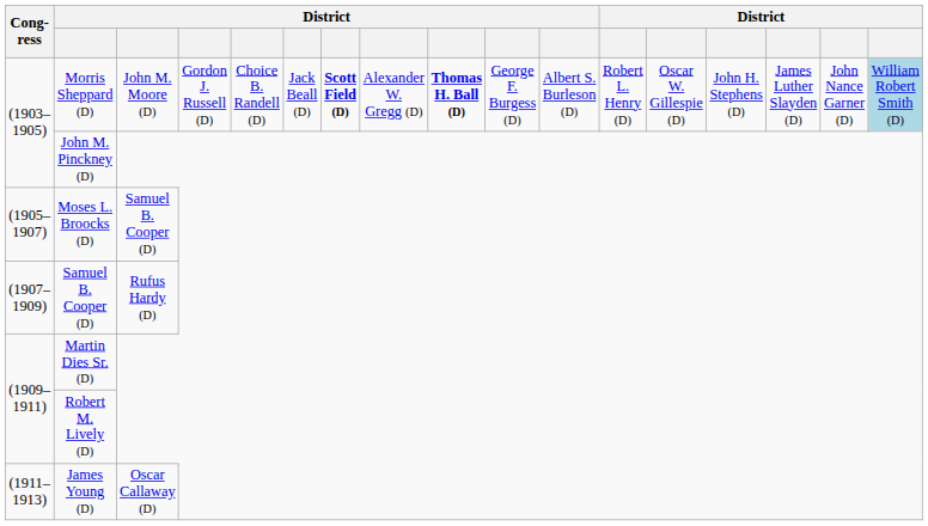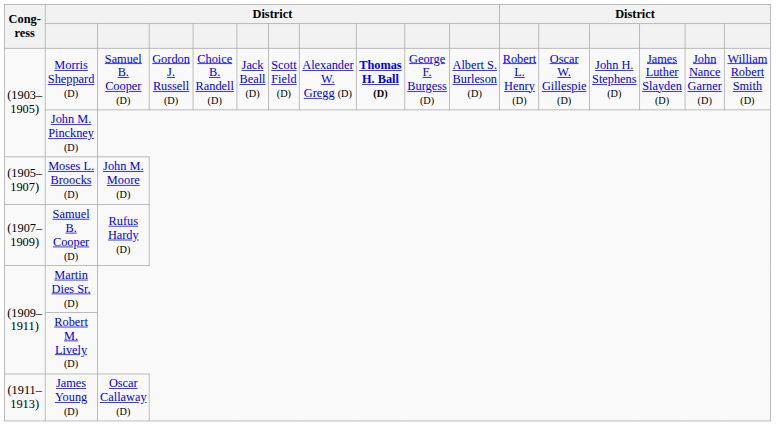 <table class=wikitable style="text-align:center">
 <tr>
 <th rowspan=2>Cong­ress</th>
 <th colspan=10>District</th>
 <th colspan=6>District</th>
 </tr>
 <tr style="height:2em">
 <th></th>
 <th></th>
 <th></th>
 <th></th>
 <th></th>
 <th></th>
 <th></th>
 <th></th>
 <th></th>
 <th></th>
 <th></th>
 <th></th>
 <th></th>
 <th></th>
 <th></th>
 <th></th>
 </tr>
 <tr style="height:2em">
 <td rowspan=2><strong></strong> (1903–1905)</td>
 <td><a href='#'>Morris<br>Sheppard</a><br><small>(D)</small></td>
-<td><a href='#'>John M. Moore</a> <small>(D)</small></td>
+<td><a href='#'>Samuel B.<br>Cooper</a> <small>(D)</small></td>
 <td><a href='#'>Gordon J.<br>Russell</a> <small>(D)</small></td>
 <td><a href='#'>Choice<br>B.<br>Randell</a><br><small>(D)</small></td>
 <td><a href='#'>Jack<br>Beall</a><br><small>(D)</small></td>
-<td><strong><a href='#'>Scott<br>Field</a><br><small>(D)</small></strong></td>
+<td><a href='#'>Scott<br>Field</a><br><small>(D)</small></td>
 <td><a href='#'>Alexander<br>W.<br>Gregg</a> <small>(D)</small></td>
 <td><strong><a href='#'>Thomas H. Ball</a> <small>(D)</small></strong></td>
 <td><a href='#'>George<br>F.<br> Burgess</a><br><small>(D)</small></td>
 <td><a href='#'>Albert S.<br>Burleson</a><br><small>(D)</small></td>
 <td><a href='#'>Robert<br>L.<br>Henry</a><br><small>(D)</small></td>
 <td><a href='#'>Oscar W.<br>Gillespie</a><br><small>(D)</small></td>
 <td><a href='#'>John H.<br>Stephens</a><br><small>(D)</small></td>
 <td><a href='#'>James<br>Luther<br>Slayden</a><br><small>(D)</small></td>
 <td><a href='#'>John<br>Nance<br>Garner</a><br><small>(D)</small></td>
-<td style="background: lightblue;"><a href='#'>William<br>Robert<br>Smith</a><br><small>(D)</small></td>
+<td><a href='#'>William<br>Robert<br>Smith</a><br><small>(D)</small></td>
 </tr>
 <tr style="height:2em">
 <td><a href='#'>John M. Pinckney</a> <small>(D)</small></td>
 </tr>
 <tr style="height:2.5em">
 <td><strong></strong> (1905–1907)</td>
 <td><a href='#'>Moses L. Broocks</a> <small>(D)</small></td>
-<td><a href='#'>Samuel B.<br>Cooper</a> <small>(D)</small></td>
+<td><a href='#'>John M. Moore</a> <small>(D)</small></td>
 </tr>
 <tr style="height:2.5em">
 <td><strong></strong> (1907–1909)</td>
 <td><a href='#'>Samuel B. Cooper</a> <small>(D)</small></td>
 <td><a href='#'>Rufus<br>Hardy</a><br><small>(D)</small></td>
 </tr>
 <tr style="height:2em">
 <td rowspan=2><strong></strong> (1909–1911)</td>
 <td><a href='#'>Martin<br>Dies Sr.</a> <small>(D)</small></td>
 </tr>
 <tr style="height:2em">
 <td><a href='#'>Robert M. Lively</a> <small>(D)</small></td>
 </tr>
 <tr style="height:2.5em">
 <td><strong></strong> (1911–1913)</td>
 <td><a href='#'>James Young</a> <small>(D)</small></td>
 <td><a href='#'>Oscar Callaway</a> <small>(D)</small></td>
 </tr>
 </table>
